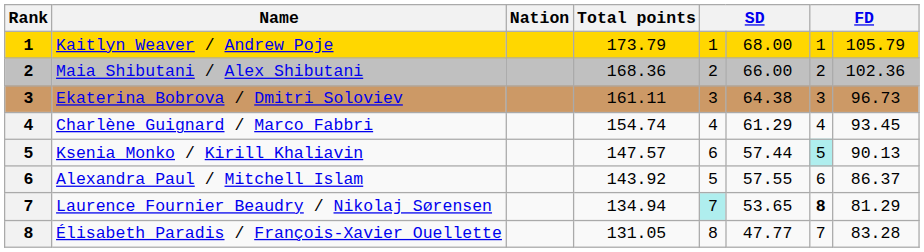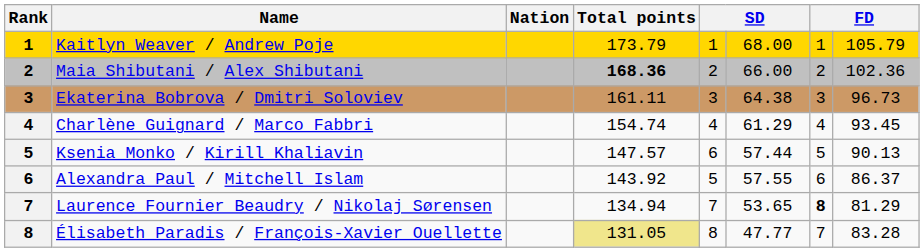 <table class="wikitable sortable">
 <tr>
 <th>Rank</th>
 <th>Name</th>
 <th>Nation</th>
 <th>Total points</th>
 <th colspan="2" width="80px"><a href='#'>SD</a></th>
 <th colspan="2" width="80px"><a href='#'>FD</a></th>
 </tr>
 <tr bgcolor="gold">
 <td align="center"><strong>1</strong></td>
 <td><a href='#'>Kaitlyn Weaver</a> / <a href='#'>Andrew Poje</a></td>
 <td></td>
 <td align="center">173.79</td>
 <td align="center">1</td>
 <td align="center">68.00</td>
 <td align="center">1</td>
 <td align="center">105.79</td>
 </tr>
 <tr bgcolor="silver">
 <td align="center"><strong>2</strong></td>
 <td><a href='#'>Maia Shibutani</a> / <a href='#'>Alex Shibutani</a></td>
 <td></td>
-<td align="center">168.36</td>
+<td align="center"><strong>168.36</strong></td>
 <td align="center">2</td>
 <td align="center">66.00</td>
 <td align="center">2</td>
 <td align="center">102.36</td>
 </tr>
 <tr bgcolor="cc9966">
 <td align="center"><strong>3</strong></td>
 <td><a href='#'>Ekaterina Bobrova</a> / <a href='#'>Dmitri Soloviev</a></td>
 <td></td>
 <td align="center">161.11</td>
 <td align="center">3</td>
 <td align="center">64.38</td>
 <td align="center">3</td>
 <td align="center">96.73</td>
 </tr>
 <tr>
 <th>4</th>
 <td><a href='#'>Charlène Guignard</a> / <a href='#'>Marco Fabbri</a></td>
 <td></td>
 <td align="center">154.74</td>
 <td align="center">4</td>
 <td align="center">61.29</td>
 <td align="center">4</td>
 <td align="center">93.45</td>
 </tr>
 <tr>
 <th>5</th>
 <td><a href='#'>Ksenia Monko</a> / <a href='#'>Kirill Khaliavin</a></td>
 <td></td>
 <td align="center">147.57</td>
 <td align="center">6</td>
 <td align="center">57.44</td>
-<td align="center" style="background: paleturquoise;">5</td>
+<td align="center">5</td>
 <td align="center">90.13</td>
 </tr>
 <tr>
 <th>6</th>
 <td><a href='#'>Alexandra Paul</a> / <a href='#'>Mitchell Islam</a></td>
 <td></td>
 <td align="center">143.92</td>
 <td align="center">5</td>
 <td align="center">57.55</td>
 <td align="center">6</td>
 <td align="center">86.37</td>
 </tr>
 <tr>
 <th>7</th>
 <td><a href='#'>Laurence Fournier Beaudry</a> / <a href='#'>Nikolaj Sørensen</a></td>
 <td></td>
 <td align="center">134.94</td>
-<td align="center" style="background: paleturquoise;">7</td>
+<td align="center">7</td>
 <td align="center">53.65</td>
 <td align="center"><strong>8</strong></td>
 <td align="center">81.29</td>
 </tr>
 <tr>
 <th>8</th>
 <td><a href='#'>Élisabeth Paradis</a> / <a href='#'>François-Xavier Ouellette</a></td>
 <td></td>
-<td align="center">131.05</td>
+<td align="center" style="background: khaki;">131.05</td>
 <td align="center">8</td>
 <td align="center">47.77</td>
 <td align="center">7</td>
 <td align="center">83.28</td>
 </tr>
 </table>
